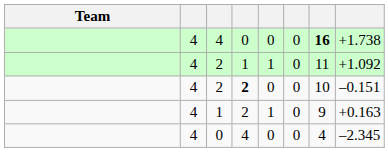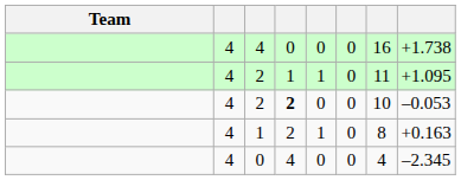 <table class="wikitable" style="text-align:center">
 <tr>
 <th width=180>Team</th>
 <th width=20></th>
 <th width=20></th>
 <th width=20></th>
 <th width=20></th>
 <th width=20></th>
 <th width=20></th>
 <th width=45></th>
 </tr>
 <tr style="background:#cfc">
 <td align="left"></td>
 <td>4</td>
 <td>4</td>
 <td>0</td>
 <td>0</td>
 <td>0</td>
-<td><strong>16</strong></td>
+<td>16</td>
 <td>+1.738</td>
 </tr>
 <tr style="background:#cfc">
 <td align="left"></td>
 <td>4</td>
 <td>2</td>
 <td>1</td>
 <td>1</td>
 <td>0</td>
 <td>11</td>
-<td>+1.092</td>
+<td>+1.095</td>
 </tr>
 <tr>
 <td align="left"></td>
 <td>4</td>
 <td>2</td>
 <td><strong>2</strong></td>
 <td>0</td>
 <td>0</td>
 <td>10</td>
-<td>–0.151</td>
+<td>–0.053</td>
 </tr>
 <tr>
 <td align="left"></td>
 <td>4</td>
 <td>1</td>
 <td>2</td>
 <td>1</td>
 <td>0</td>
-<td>9</td>
+<td>8</td>
 <td>+0.163</td>
 </tr>
 <tr>
 <td align="left"></td>
 <td>4</td>
 <td>0</td>
 <td>4</td>
 <td>0</td>
 <td>0</td>
 <td>4</td>
 <td>–2.345</td>
 </tr>
 </table>
